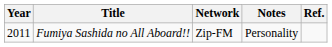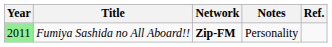 <table class="wikitable">
 <tr>
 <th>Year</th>
 <th>Title</th>
 <th>Network</th>
 <th>Notes</th>
 <th>Ref.</th>
 </tr>
 <tr>
-<td>2011</td>
+<td style="background: lightgreen;">2011</td>
 <td><em>Fumiya Sashida no All Aboard!!</em></td>
-<td>Zip-FM</td>
+<td><strong>Zip-FM</strong></td>
 <td>Personality</td>
 <td></td>
 </tr>
 </table>
